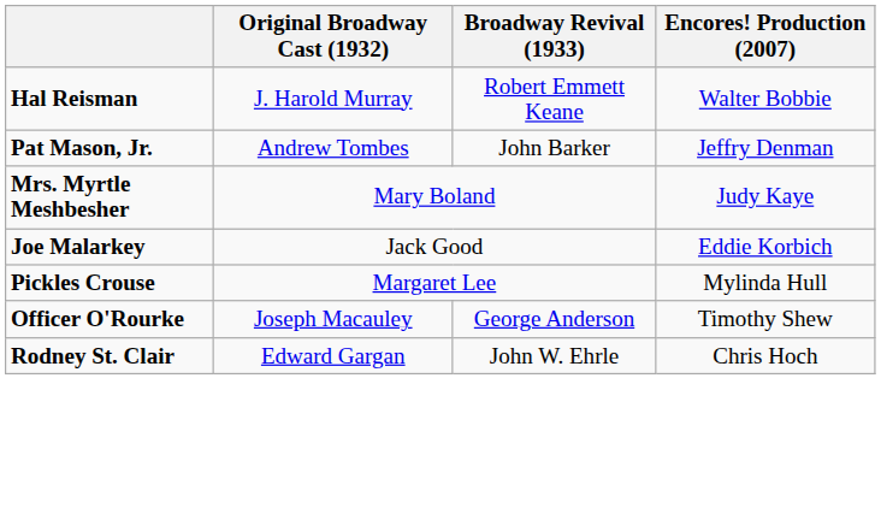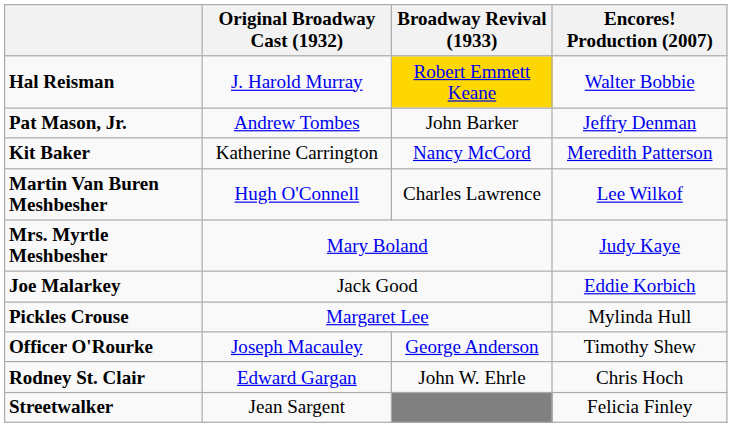 <table class="wikitable">
 <tr>
 <th></th>
 <th><strong>Original Broadway Cast (1932)</strong></th>
 <th>Broadway Revival (1933)</th>
 <th>Encores! Production (2007)</th>
 </tr>
 <tr>
 <td><strong>Hal Reisman</strong></td>
 <td style="text-align:center;"><a href='#'>J. Harold Murray</a></td>
-<td style="text-align:center;"><a href='#'>Robert Emmett Keane</a></td>
+<td style="background: gold; text-align:center;"><a href='#'>Robert Emmett Keane</a></td>
 <td style="text-align:center;"><a href='#'>Walter Bobbie</a></td>
 </tr>
 <tr>
 <td><strong>Pat Mason, Jr.</strong></td>
 <td style="text-align:center;"><a href='#'>Andrew Tombes</a></td>
 <td style="text-align:center;">John Barker</td>
 <td style="text-align:center;"><a href='#'>Jeffry Denman</a></td>
+</tr>
+<tr>
+<td><strong>Kit Baker</strong></td>
+<td style="text-align:center;">Katherine Carrington</td>
+<td style="text-align:center;"><a href='#'>Nancy McCord</a></td>
+<td style="text-align:center;"><a href='#'>Meredith Patterson</a></td>
+</tr>
+<tr>
+<td><strong>Martin Van Buren Meshbesher</strong></td>
+<td style="text-align:center;"><a href='#'>Hugh O'Connell</a></td>
+<td style="text-align:center;">Charles Lawrence</td>
+<td style="text-align:center;"><a href='#'>Lee Wilkof</a></td>
 </tr>
 <tr>
 <td><strong>Mrs. Myrtle Meshbesher</strong></td>
 <td style="text-align:center;" colspan="2"><a href='#'>Mary Boland</a></td>
 <td style="text-align:center;"><a href='#'>Judy Kaye</a></td>
 </tr>
 <tr>
 <td><strong>Joe Malarkey</strong></td>
 <td style="text-align:center;" colspan="2">Jack Good</td>
 <td style="text-align:center;"><a href='#'>Eddie Korbich</a></td>
 </tr>
 <tr>
 <td><strong>Pickles Crouse</strong></td>
 <td style="text-align:center;" colspan="2"><a href='#'>Margaret Lee</a></td>
 <td style="text-align:center;">Mylinda Hull</td>
 </tr>
 <tr>
 <td><strong>Officer O'Rourke</strong></td>
 <td style="text-align:center;"><a href='#'>Joseph Macauley</a></td>
 <td style="text-align:center;"><a href='#'>George Anderson</a></td>
 <td style="text-align:center;">Timothy Shew</td>
 </tr>
 <tr>
 <td><strong>Rodney St. Clair</strong></td>
 <td style="text-align:center;"><a href='#'>Edward Gargan</a></td>
 <td style="text-align:center;">John W. Ehrle</td>
 <td style="text-align:center;">Chris Hoch</td>
 </tr>
+<tr>
+<td><strong>Streetwalker</strong></td>
+<td style="text-align:center;">Jean Sargent</td>
+<td style='background: #808080'></td>
+<td style="text-align:center;">Felicia Finley</td>
+</tr>
 </table>
